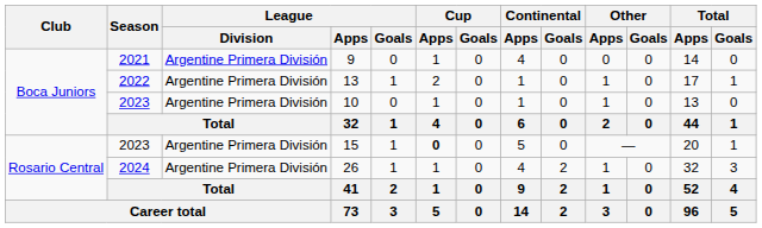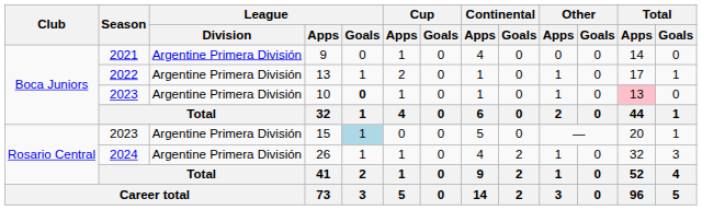 <table class="wikitable" style="text-align: center">
 <tr>
 <th rowspan="2">Club</th>
 <th rowspan="2">Season</th>
 <th colspan="3">League</th>
 <th colspan="2">Cup</th>
 <th colspan="2">Continental</th>
 <th colspan="2">Other</th>
 <th colspan="2">Total</th>
 </tr>
 <tr>
 <th>Division</th>
 <th>Apps</th>
 <th>Goals</th>
 <th>Apps</th>
 <th>Goals</th>
 <th>Apps</th>
 <th>Goals</th>
 <th>Apps</th>
 <th>Goals</th>
 <th>Apps</th>
 <th>Goals</th>
 </tr>
 <tr>
 <td rowspan="4"><a href='#'>Boca Juniors</a></td>
 <td><a href='#'>2021</a></td>
 <td><a href='#'>Argentine Primera División</a></td>
 <td>9</td>
 <td>0</td>
 <td>1</td>
 <td>0</td>
 <td>4</td>
 <td>0</td>
 <td>0</td>
 <td>0</td>
 <td>14</td>
 <td>0</td>
 </tr>
 <tr>
 <td><a href='#'>2022</a></td>
 <td>Argentine Primera División</td>
 <td>13</td>
 <td>1</td>
 <td>2</td>
 <td>0</td>
 <td>1</td>
 <td>0</td>
 <td>1</td>
 <td>0</td>
 <td>17</td>
 <td>1</td>
 </tr>
 <tr>
 <td><a href='#'>2023</a></td>
 <td>Argentine Primera División</td>
 <td>10</td>
-<td>0</td>
+<td><strong>0</strong></td>
 <td>1</td>
 <td>0</td>
 <td>1</td>
 <td>0</td>
 <td>1</td>
 <td>0</td>
-<td>13</td>
+<td style="background: pink;">13</td>
 <td>0</td>
 </tr>
 <tr>
 <th colspan=2>Total</th>
 <th>32</th>
 <th>1</th>
 <th>4</th>
 <th>0</th>
 <th>6</th>
 <th>0</th>
 <th>2</th>
 <th>0</th>
 <th>44</th>
 <th>1</th>
 </tr>
 <tr>
 <td rowspan="3"><a href='#'>Rosario Central</a></td>
 <td>2023</td>
 <td>Argentine Primera División</td>
 <td>15</td>
-<td>1</td>
-<td><strong>0</strong></td>
+<td style="background: lightblue;">1</td>
+<td>0</td>
 <td>0</td>
 <td>5</td>
 <td>0</td>
 <td colspan="2">—</td>
 <td>20</td>
 <td>1</td>
 </tr>
 <tr>
 <td><a href='#'>2024</a></td>
 <td>Argentine Primera División</td>
 <td>26</td>
 <td>1</td>
 <td>1</td>
 <td>0</td>
 <td>4</td>
 <td>2</td>
 <td>1</td>
 <td>0</td>
 <td>32</td>
 <td>3</td>
 </tr>
 <tr>
 <th colspan=2>Total</th>
 <th>41</th>
 <th>2</th>
 <th>1</th>
 <th>0</th>
 <th>9</th>
 <th>2</th>
 <th>1</th>
 <th>0</th>
 <th>52</th>
 <th>4</th>
 </tr>
 <tr>
 <th colspan=3>Career total</th>
 <th>73</th>
 <th>3</th>
 <th>5</th>
 <th>0</th>
 <th>14</th>
 <th>2</th>
 <th>3</th>
 <th>0</th>
 <th>96</th>
 <th>5</th>
 </tr>
 </table>
